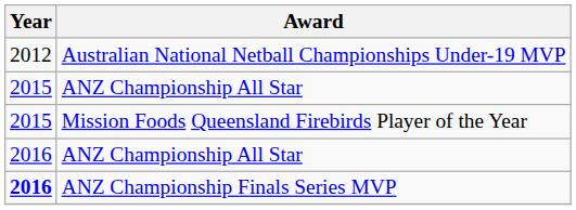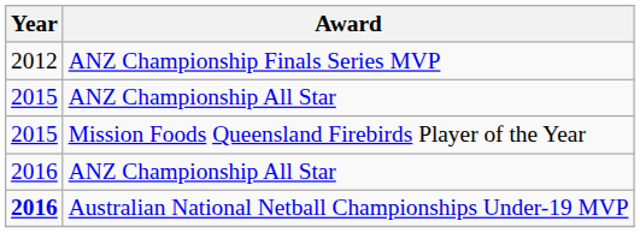 <table class="wikitable collapsible">
 <tr>
 <th>Year</th>
 <th>Award</th>
 </tr>
 <tr>
 <td>2012</td>
-<td><a href='#'>Australian National Netball Championships Under-19 MVP</a></td>
+<td><a href='#'>ANZ Championship Finals Series MVP</a></td>
 </tr>
 <tr>
 <td><a href='#'>2015</a></td>
 <td><a href='#'>ANZ Championship All Star</a></td>
 </tr>
 <tr>
 <td><a href='#'>2015</a></td>
 <td><a href='#'>Mission Foods</a> <a href='#'>Queensland Firebirds</a> Player of the Year</td>
 </tr>
 <tr>
 <td><a href='#'>2016</a></td>
 <td><a href='#'>ANZ Championship All Star</a></td>
 </tr>
 <tr>
 <td><strong><a href='#'>2016</a></strong></td>
-<td><a href='#'>ANZ Championship Finals Series MVP</a></td>
+<td><a href='#'>Australian National Netball Championships Under-19 MVP</a></td>
 </tr>
 <tr>
 </tr>
 </table>
